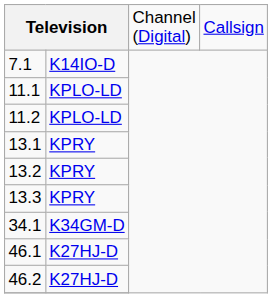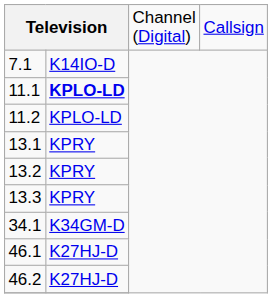 <table class="wikitable">
 <tr>
 <th align="center" colspan="2"><strong>Television</strong></th>
 <td>Channel<br>(<a href='#'>Digital</a>)</td>
 <td><a href='#'>Callsign</a></td>
 </tr>
 <tr>
 <td>7.1</td>
 <td><a href='#'>K14IO-D</a></td>
 </tr>
 <tr>
 <td>11.1</td>
-<td><a href='#'>KPLO-LD</a></td>
+<td><strong><a href='#'>KPLO-LD</a></strong></td>
 </tr>
 <tr>
 <td>11.2</td>
 <td><a href='#'>KPLO-LD</a></td>
 </tr>
 <tr>
 <td>13.1</td>
 <td><a href='#'>KPRY</a></td>
 </tr>
 <tr>
 <td>13.2</td>
 <td><a href='#'>KPRY</a></td>
 </tr>
 <tr>
 <td>13.3</td>
 <td><a href='#'>KPRY</a></td>
 </tr>
 <tr>
 <td>34.1</td>
 <td><a href='#'>K34GM-D</a></td>
 </tr>
 <tr>
 <td>46.1</td>
 <td><a href='#'>K27HJ-D</a></td>
 </tr>
 <tr>
 <td>46.2</td>
 <td><a href='#'>K27HJ-D</a></td>
 </tr>
 <tr>
 </tr>
 </table>
